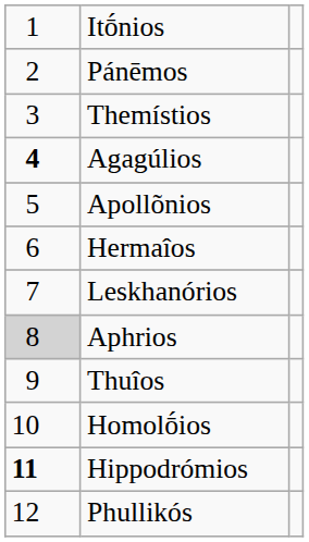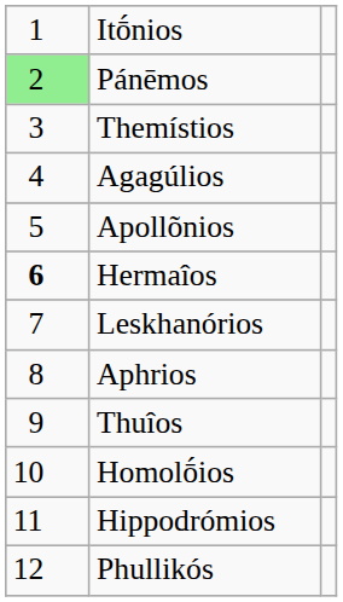 <table class="wikitable">
 <tr>
 <td>  1</td>
 <td>Itṓnios</td>
 <td></td>
 </tr>
 <tr>
-<td>  2</td>
+<td style="background: lightgreen;">  2</td>
 <td>Pánēmos</td>
 <td></td>
 </tr>
 <tr>
 <td>  3</td>
 <td>Themístios</td>
 <td></td>
 </tr>
 <tr>
-<td><strong>  4</strong></td>
+<td>  4</td>
 <td>Agagúlios</td>
 <td></td>
 </tr>
 <tr>
 <td>  5</td>
 <td>Apollõnios</td>
 <td></td>
 </tr>
 <tr>
-<td>  6</td>
+<td><strong>  6</strong></td>
 <td>Hermaîos</td>
 <td></td>
 </tr>
 <tr>
 <td>  7  </td>
 <td>Leskhanórios  </td>
 <td></td>
 </tr>
 <tr>
-<td style="background: lightgrey;">  8</td>
+<td>  8</td>
 <td>Aphrios</td>
 <td></td>
 </tr>
 <tr>
 <td>  9</td>
 <td>Thuîos</td>
 <td></td>
 </tr>
 <tr>
 <td>10</td>
 <td>Homolṓios</td>
 <td></td>
 </tr>
 <tr>
-<td><strong>11</strong></td>
+<td>11</td>
 <td>Hippodrómios  </td>
 <td></td>
 </tr>
 <tr>
 <td>12</td>
 <td>Phullikós</td>
 <td></td>
 </tr>
 </table>
